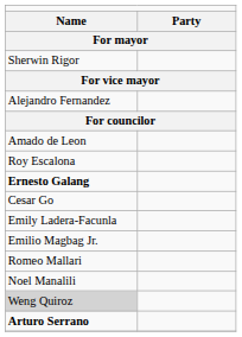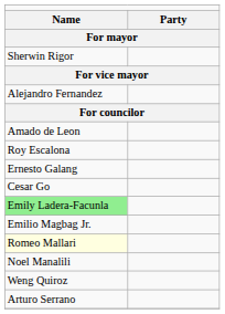 <table class=wikitable style="font-size:90%">
 <tr>
 <td colspan=4 bgcolor=></td>
 </tr>
 <tr>
 <th width=150px>Name</th>
 <th colspan=2 width=110px>Party</th>
 </tr>
 <tr>
 <th colspan=3>For mayor</th>
 </tr>
 <tr>
 <td>Sherwin Rigor</td>
 <td></td>
 </tr>
 <tr>
 <th colspan=3>For vice mayor</th>
 </tr>
 <tr>
 <td>Alejandro Fernandez</td>
 <td></td>
 </tr>
 <tr>
 <th colspan=3>For councilor</th>
 </tr>
 <tr>
 <td>Amado de Leon</td>
 <td></td>
 </tr>
 <tr>
 <td>Roy Escalona</td>
 <td></td>
 </tr>
 <tr>
-<td><strong>Ernesto Galang</strong></td>
+<td>Ernesto Galang</td>
 <td></td>
 </tr>
 <tr>
 <td>Cesar Go</td>
 <td></td>
 </tr>
 <tr>
-<td>Emily Ladera-Facunla</td>
+<td style="background: lightgreen;">Emily Ladera-Facunla</td>
 <td></td>
 </tr>
 <tr>
 <td>Emilio Magbag Jr.</td>
 <td></td>
 </tr>
 <tr>
-<td>Romeo Mallari</td>
+<td style="background: lightyellow;">Romeo Mallari</td>
 <td></td>
 </tr>
 <tr>
 <td>Noel Manalili</td>
 <td></td>
 </tr>
 <tr>
-<td style="background: lightgrey;">Weng Quiroz</td>
+<td>Weng Quiroz</td>
 <td></td>
 </tr>
 <tr>
-<td><strong>Arturo Serrano</strong></td>
+<td>Arturo Serrano</td>
 <td></td>
 </tr>
 <tr>
 </tr>
 </table>
